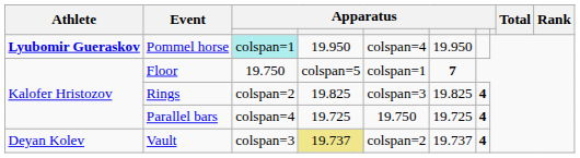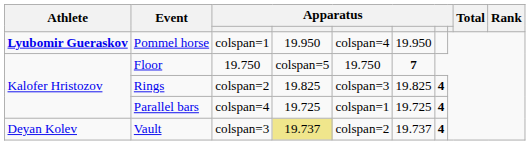 <table class="wikitable" style="font-size:90%">
 <tr>
 <th rowspan=2>Athlete</th>
 <th rowspan=2>Event</th>
 <th colspan =6>Apparatus</th>
 <th rowspan=2>Total</th>
 <th rowspan=2>Rank</th>
 </tr>
 <tr style="font-size:95%">
 <th></th>
 <th></th>
 <th></th>
 <th></th>
 <th></th>
 <th></th>
 </tr>
 <tr align=center>
 <td align=left rowspan=1><strong><a href='#'>Lyubomir Gueraskov</a></strong></td>
 <td align=left><a href='#'>Pommel horse</a></td>
-<td style="background: paleturquoise;">colspan=1 </td>
+<td>colspan=1 </td>
 <td>19.950</td>
 <td>colspan=4 </td>
 <td>19.950</td>
 <td></td>
 </tr>
 <tr align=center>
 <td align=left rowspan=3><a href='#'>Kalofer Hristozov</a></td>
 <td align=left><a href='#'>Floor</a></td>
 <td>19.750</td>
 <td>colspan=5 </td>
-<td>colspan=1 </td>
+<td>19.750</td>
 <td><strong>7</strong></td>
 </tr>
 <tr align=center>
 <td align=left><a href='#'>Rings</a></td>
 <td>colspan=2 </td>
 <td>19.825</td>
 <td>colspan=3 </td>
 <td>19.825</td>
 <td><strong>4</strong></td>
 </tr>
 <tr align=center>
 <td align=left><a href='#'>Parallel bars</a></td>
 <td>colspan=4 </td>
 <td>19.725</td>
-<td>19.750</td>
+<td>colspan=1 </td>
 <td>19.725</td>
 <td><strong>4</strong></td>
 </tr>
 <tr align=center>
 <td align=left rowspan=1><a href='#'>Deyan Kolev</a></td>
 <td align=left><a href='#'>Vault</a></td>
 <td>colspan=3 </td>
 <td style="background: khaki;">19.737</td>
 <td>colspan=2 </td>
 <td>19.737</td>
 <td><strong>4</strong></td>
 </tr>
 </table>
